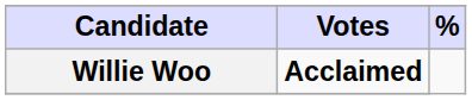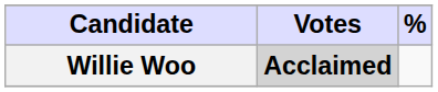 <table class="wikitable sortable plainrowheaders">
 <tr style="background-color:#E9E9E9">
 </tr>
 <tr>
 <th scope="col" style="background:#ddf; width:150px;">Candidate</th>
 <th scope="col" style="background:#ddf;">Votes</th>
 <th scope="col" style="background:#ddf;">%</th>
 </tr>
 <tr>
 <th scope="row"><strong>Willie Woo</strong></th>
-<td align="right"><strong>Acclaimed</strong></td>
+<td align="right" style="background: lightgrey;"><strong>Acclaimed</strong></td>
 </tr>
 <tr>
 </tr>
 </table>
